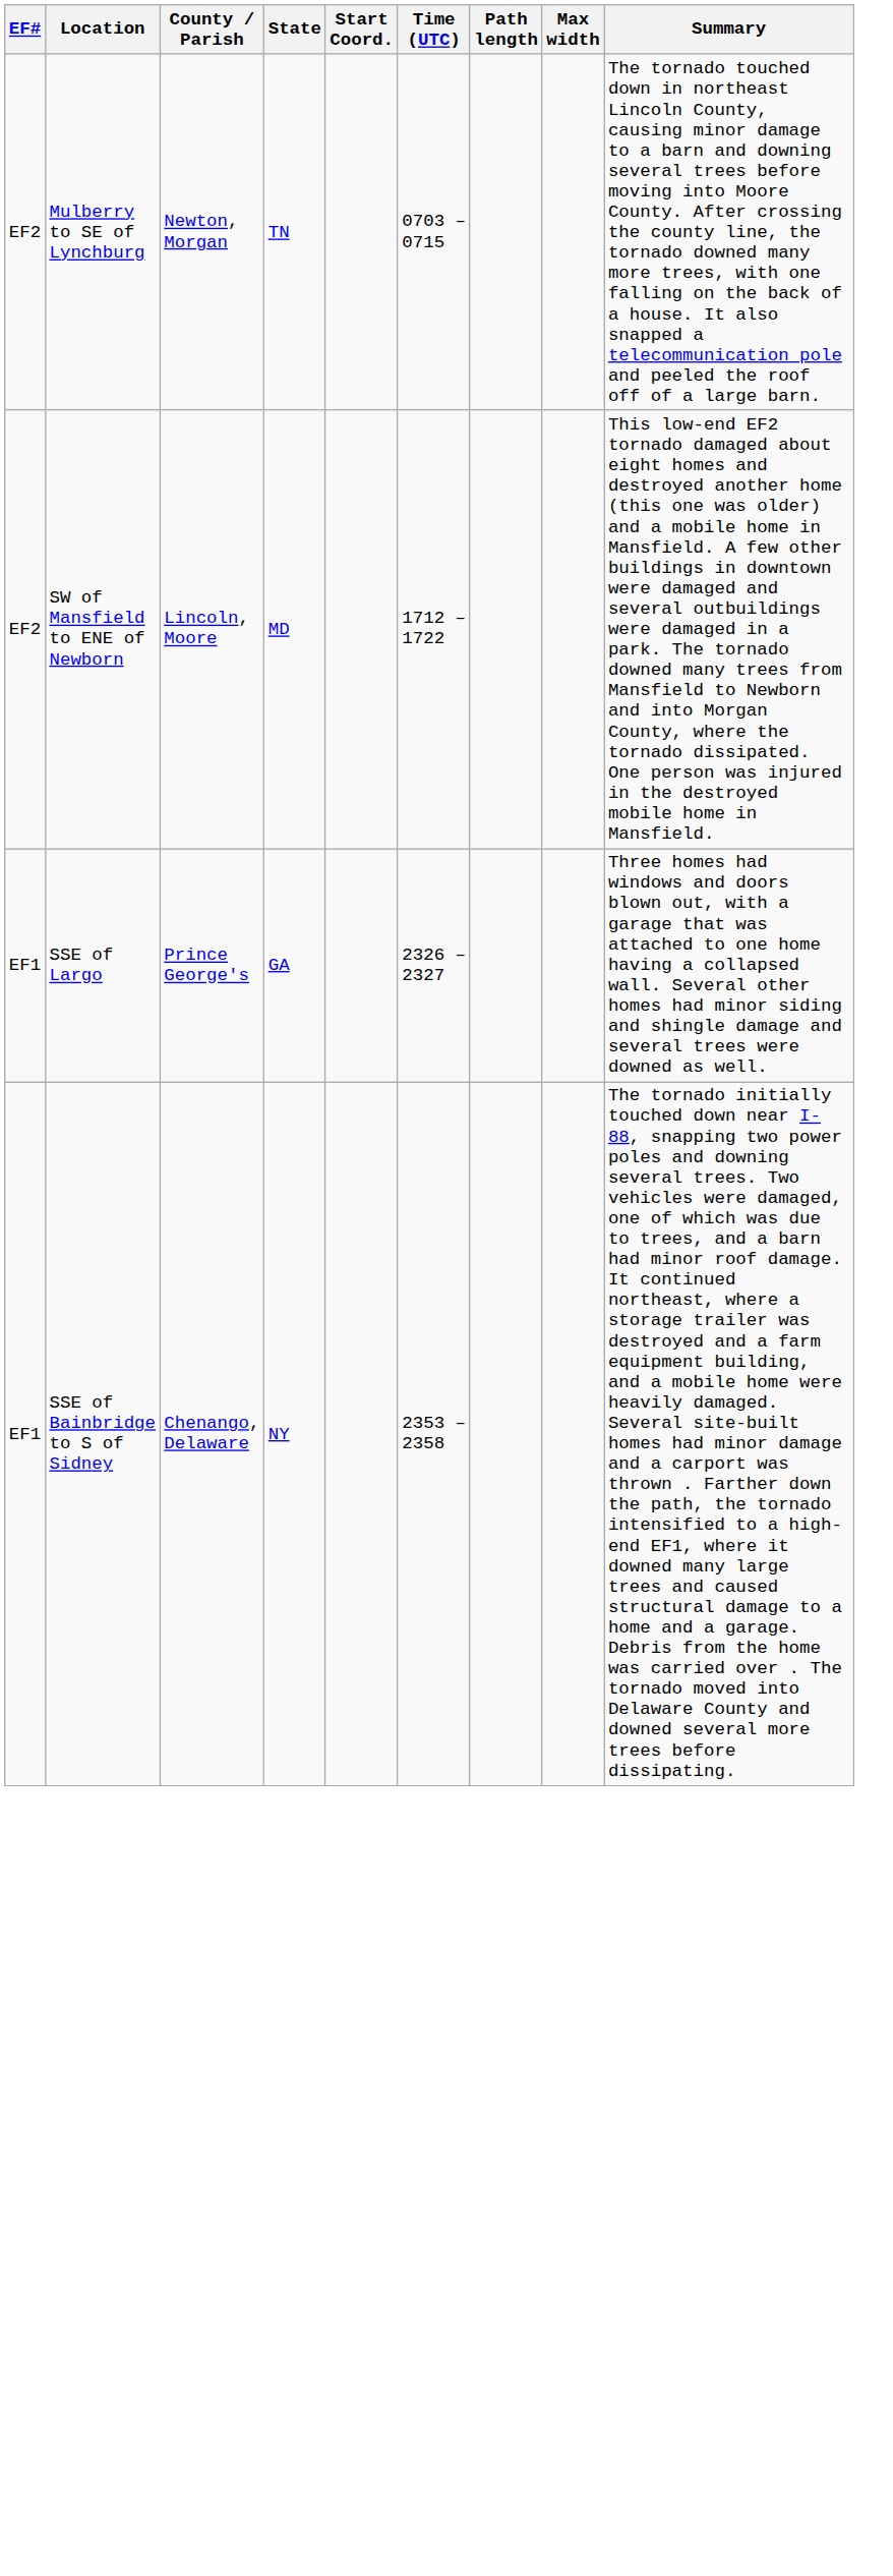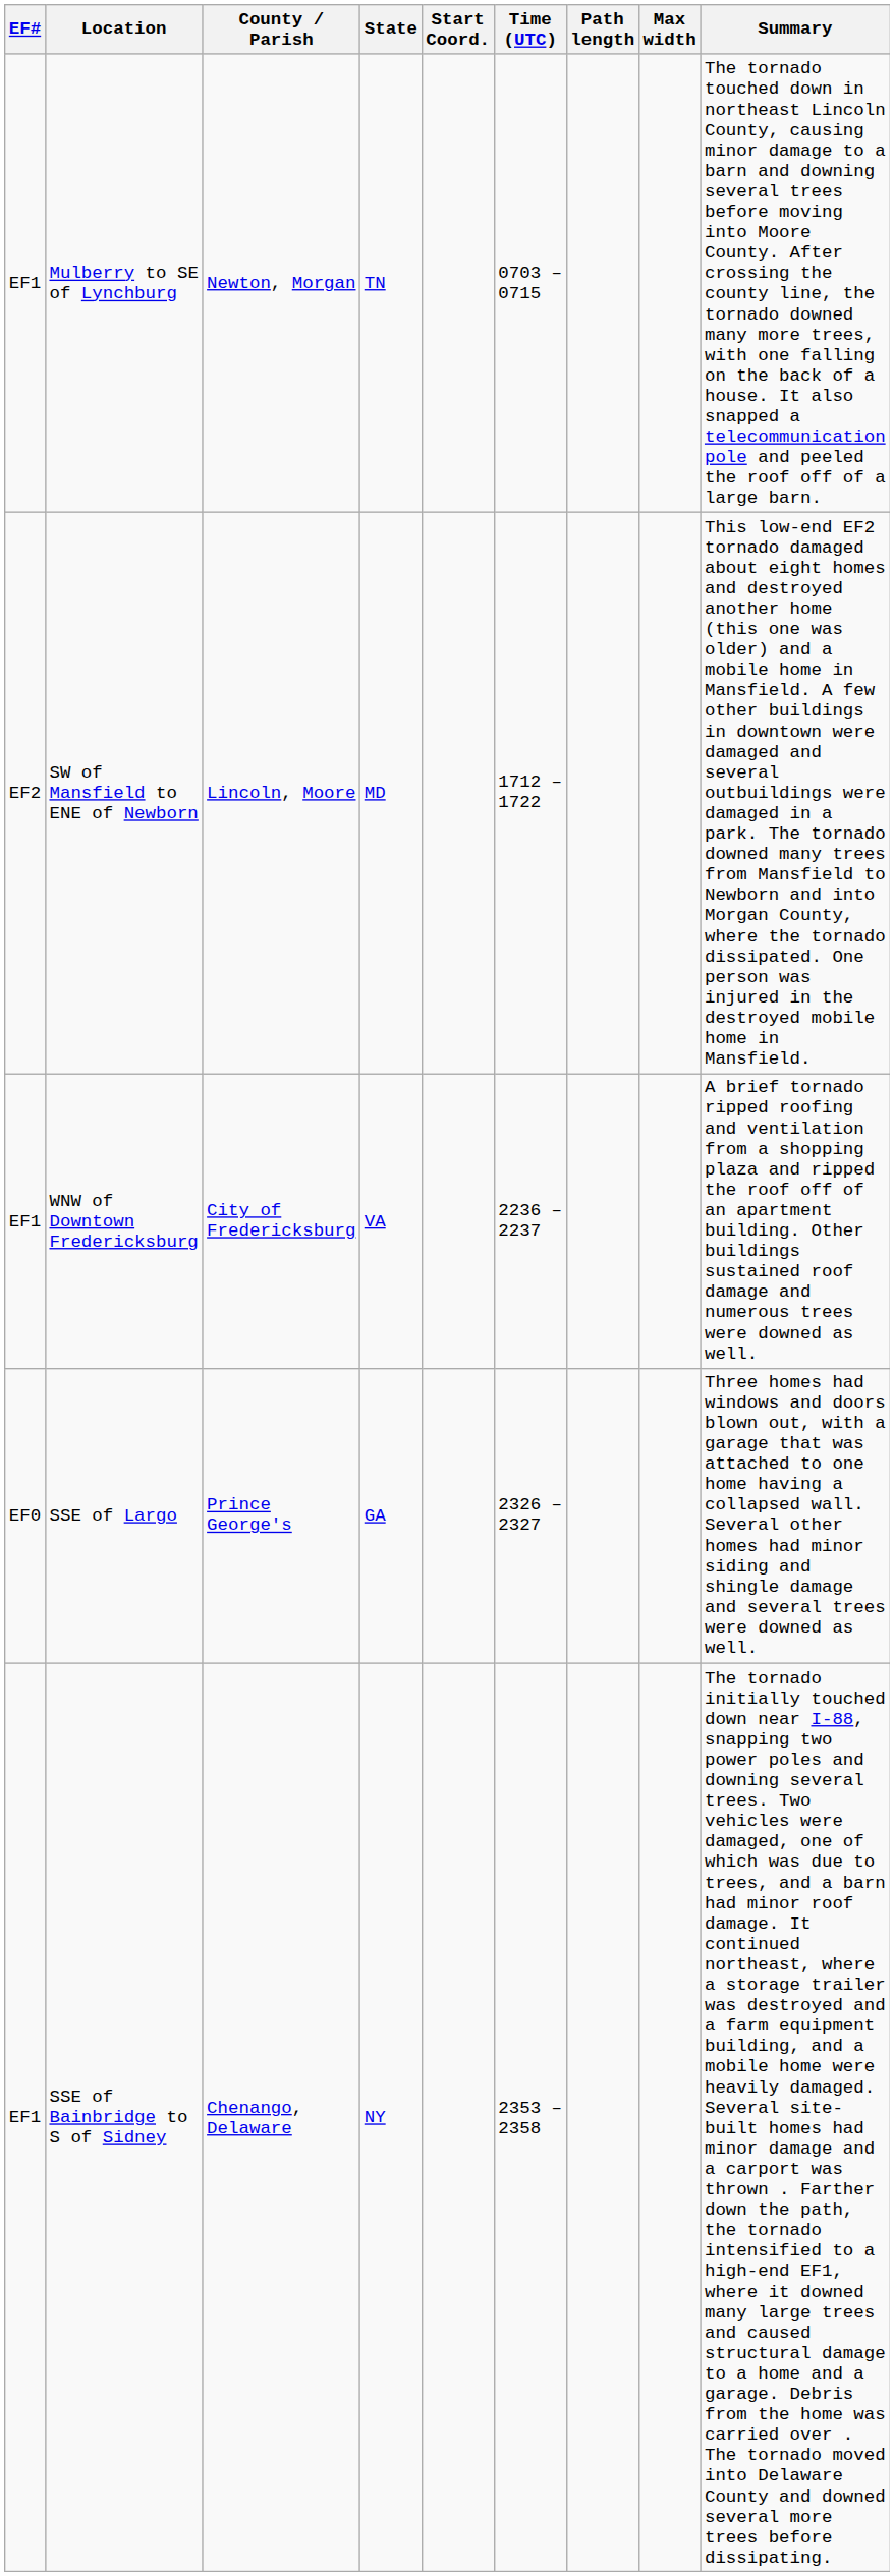 <table class="wikitable sortable" style="width:100%;">
 <tr>
 <th scope="col"  style="width:3%; text-align:center;"><a href='#'>EF#</a></th>
 <th scope="col"  style="width:7%; text-align:center;" class="unsortable">Location</th>
 <th scope="col"  style="width:6%; text-align:center;" class="unsortable">County / Parish</th>
 <th scope="col"  style="width:5%; text-align:center;">State</th>
 <th scope="col"  style="width:6%; text-align:center;">Start Coord.</th>
 <th scope="col"  style="width:6%; text-align:center;">Time (<a href='#'>UTC</a>)</th>
 <th scope="col"  style="width:6%; text-align:center;">Path length</th>
 <th scope="col"  style="width:6%; text-align:center;">Max width</th>
 <th scope="col" class="unsortable" style="width:48%; text-align:center;">Summary</th>
 </tr>
 <tr>
-<td>EF2</td>
+<td>EF1</td>
 <td><a href='#'>Mulberry</a> to SE of <a href='#'>Lynchburg</a></td>
 <td><a href='#'>Newton</a>, <a href='#'>Morgan</a></td>
 <td><a href='#'>TN</a></td>
 <td></td>
 <td>0703 – 0715</td>
 <td></td>
 <td></td>
 <td>The tornado touched down in northeast Lincoln County, causing minor damage to a barn and downing several trees before moving into Moore County. After crossing the county line, the tornado downed many more trees, with one falling on the back of a house. It also snapped a <a href='#'>telecommunication pole</a> and peeled the roof off of a large barn.</td>
 </tr>
 <tr>
 <td>EF2</td>
 <td>SW of <a href='#'>Mansfield</a> to ENE of <a href='#'>Newborn</a></td>
 <td><a href='#'>Lincoln</a>, <a href='#'>Moore</a></td>
 <td><a href='#'>MD</a></td>
 <td></td>
 <td>1712 – 1722</td>
 <td></td>
 <td></td>
 <td>This low-end EF2 tornado damaged about eight homes and destroyed another home (this one was older) and a mobile home in Mansfield. A few other buildings in downtown were damaged and several outbuildings were damaged in a park. The tornado downed many trees from Mansfield to Newborn and into Morgan County, where the tornado dissipated. One person was injured in the destroyed mobile home in Mansfield.</td>
 </tr>
 <tr>
 <td>EF1</td>
+<td>WNW of <a href='#'>Downtown Fredericksburg</a></td>
+<td><a href='#'>City of Fredericksburg</a></td>
+<td><a href='#'>VA</a></td>
+<td></td>
+<td>2236 – 2237</td>
+<td></td>
+<td></td>
+<td>A brief tornado ripped roofing and ventilation from a shopping plaza and ripped the roof off of an apartment building. Other buildings sustained roof damage and numerous trees were downed as well.</td>
+</tr>
+<tr>
+<td>EF0</td>
 <td>SSE of <a href='#'>Largo</a></td>
 <td><a href='#'>Prince George's</a></td>
 <td><a href='#'>GA</a></td>
 <td></td>
 <td>2326 – 2327</td>
 <td></td>
 <td></td>
 <td>Three homes had windows and doors blown out, with a garage that was attached to one home having a collapsed wall. Several other homes had minor siding and shingle damage and several trees were downed as well.</td>
 </tr>
 <tr>
 <td>EF1</td>
 <td>SSE of <a href='#'>Bainbridge</a> to S of <a href='#'>Sidney</a></td>
 <td><a href='#'>Chenango</a>, <a href='#'>Delaware</a></td>
 <td><a href='#'>NY</a></td>
 <td></td>
 <td>2353 – 2358</td>
 <td></td>
 <td></td>
 <td>The tornado initially touched down near <a href='#'>I-88</a>, snapping two power poles and downing several trees. Two vehicles were damaged, one of which was due to trees, and a barn had minor roof damage. It continued northeast, where a storage trailer was destroyed and a farm equipment building, and a mobile home were heavily damaged. Several site-built homes had minor damage and a carport was thrown . Farther down the path, the tornado intensified to a high-end EF1, where it downed many large trees and caused structural damage to a home and a garage. Debris from the home was carried over . The tornado moved into Delaware County and downed several more trees before dissipating.</td>
 </tr>
 <tr>
 </tr>
 </table>
